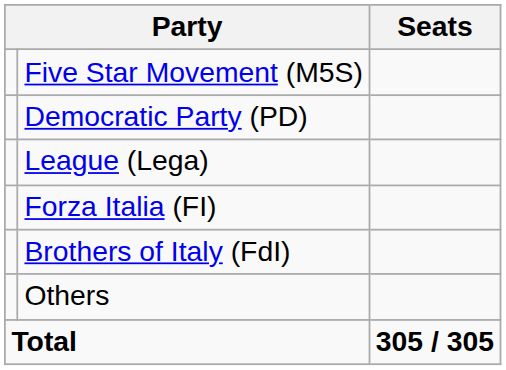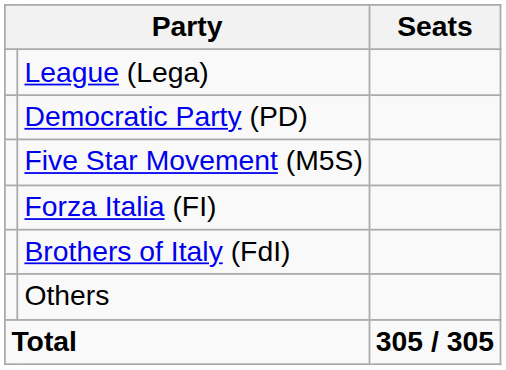 <table class=wikitable style=text-align:right>
 <tr>
 <th colspan=2>Party</th>
 <th>Seats</th>
 </tr>
 <tr>
 <td style="background-color:"></td>
-<td align="left"><a href='#'>Five Star Movement</a> (M5S)</td>
+<td align="left"><a href='#'>League</a> (Lega)</td>
 <td></td>
 </tr>
 <tr>
 <td style="background-color:"></td>
 <td align=left><a href='#'>Democratic Party</a> (PD)</td>
 <td></td>
 </tr>
 <tr>
 <td style="background-color:"></td>
-<td align="left"><a href='#'>League</a> (Lega)</td>
+<td align="left"><a href='#'>Five Star Movement</a> (M5S)</td>
 <td></td>
 </tr>
 <tr>
 <td style="background-color:"></td>
 <td align=left><a href='#'>Forza Italia</a> (FI)</td>
 <td></td>
 </tr>
 <tr>
 <td style="background-color:"></td>
 <td align="left"><a href='#'>Brothers of Italy</a> (FdI)</td>
 <td></td>
 </tr>
 <tr>
 <td style="background-color:"></td>
 <td align="left">Others</td>
 <td></td>
 </tr>
 <tr>
 <td colspan="2" align="left"><strong>Total</strong></td>
 <td><strong>305 / 305</strong></td>
 </tr>
 </table>
